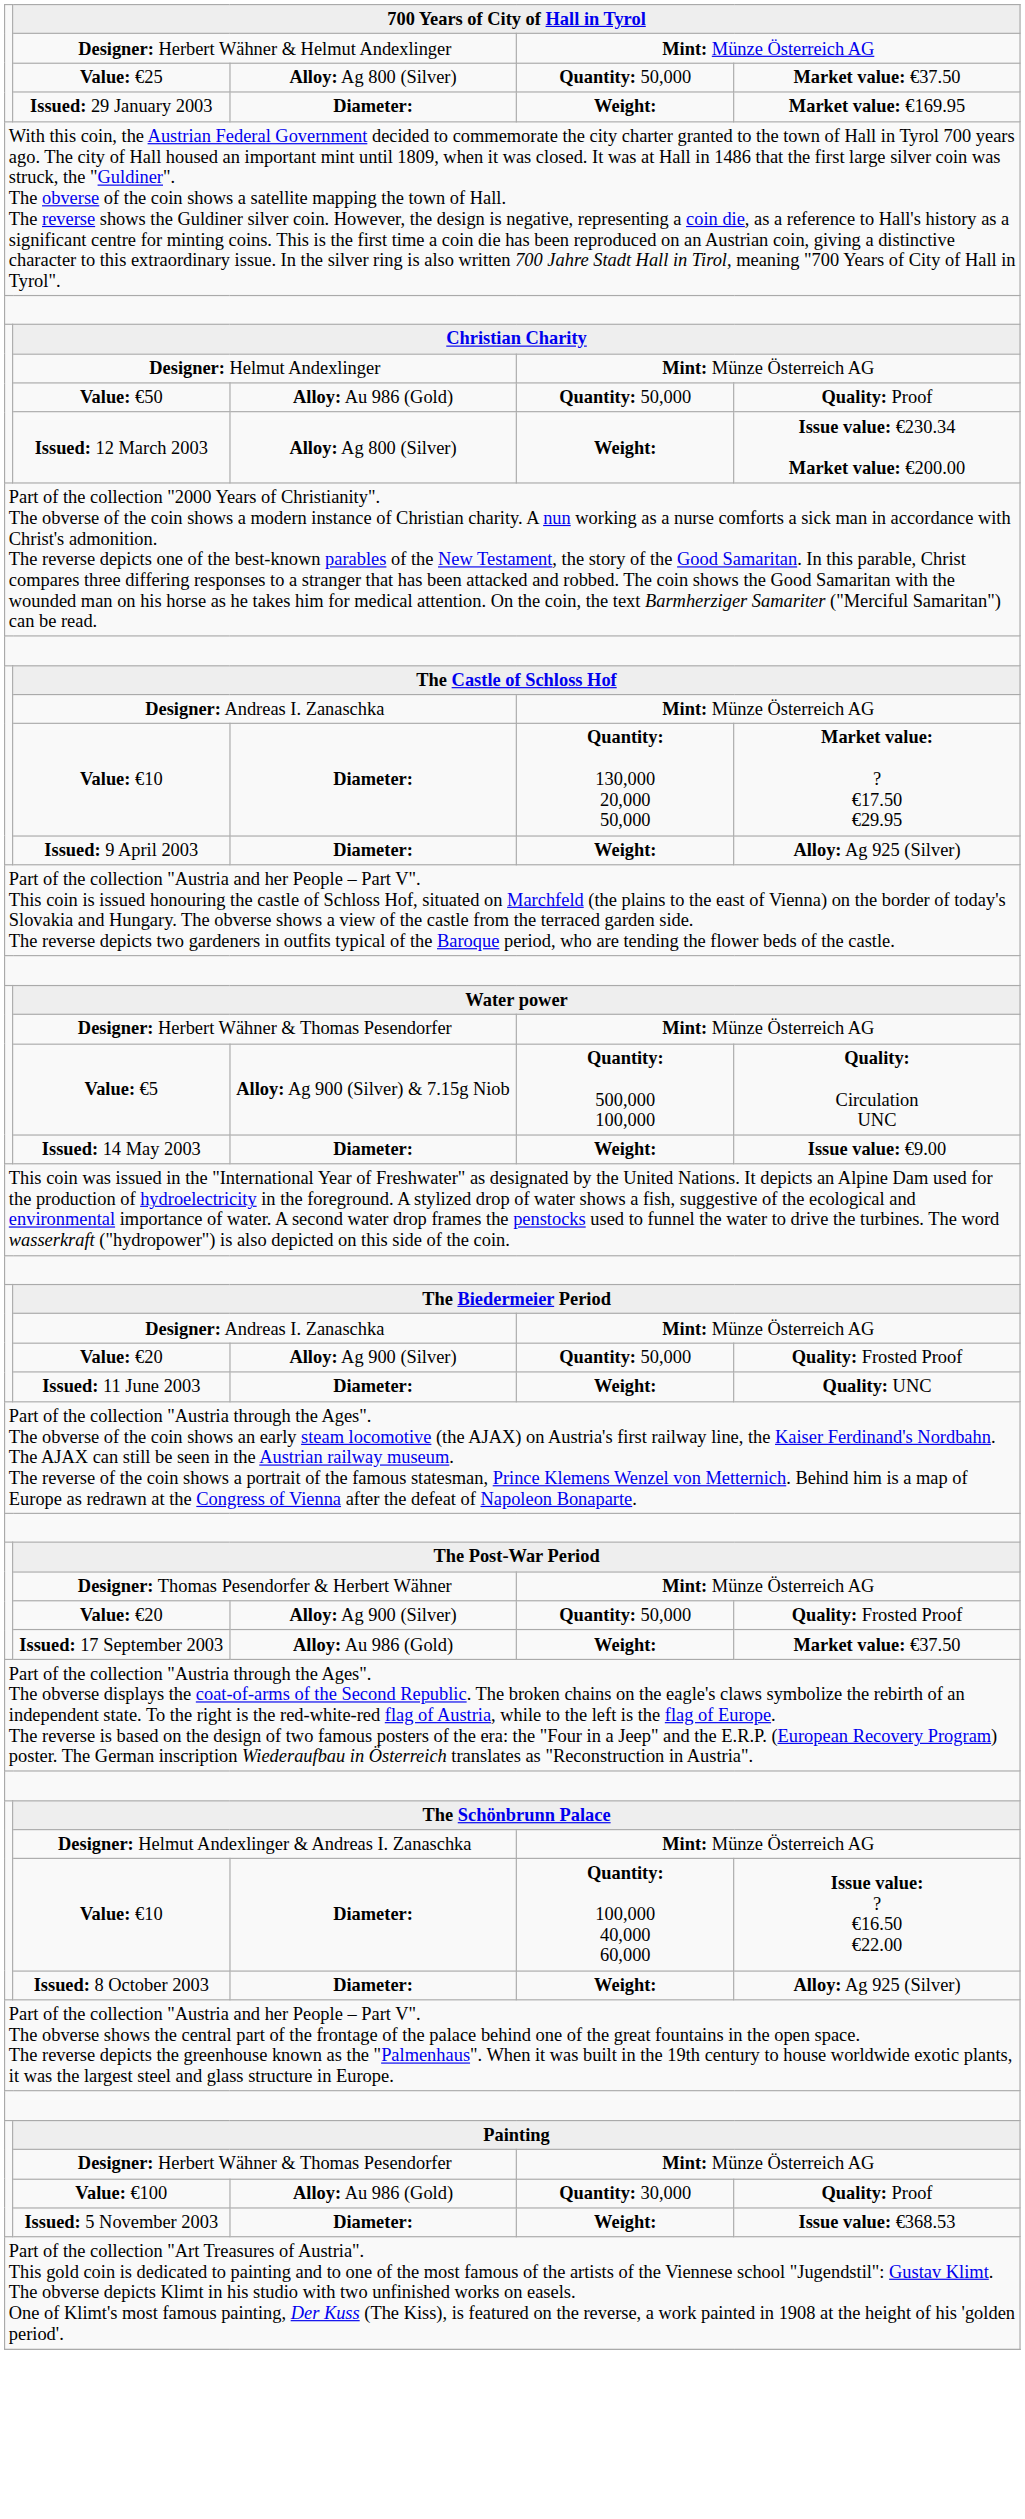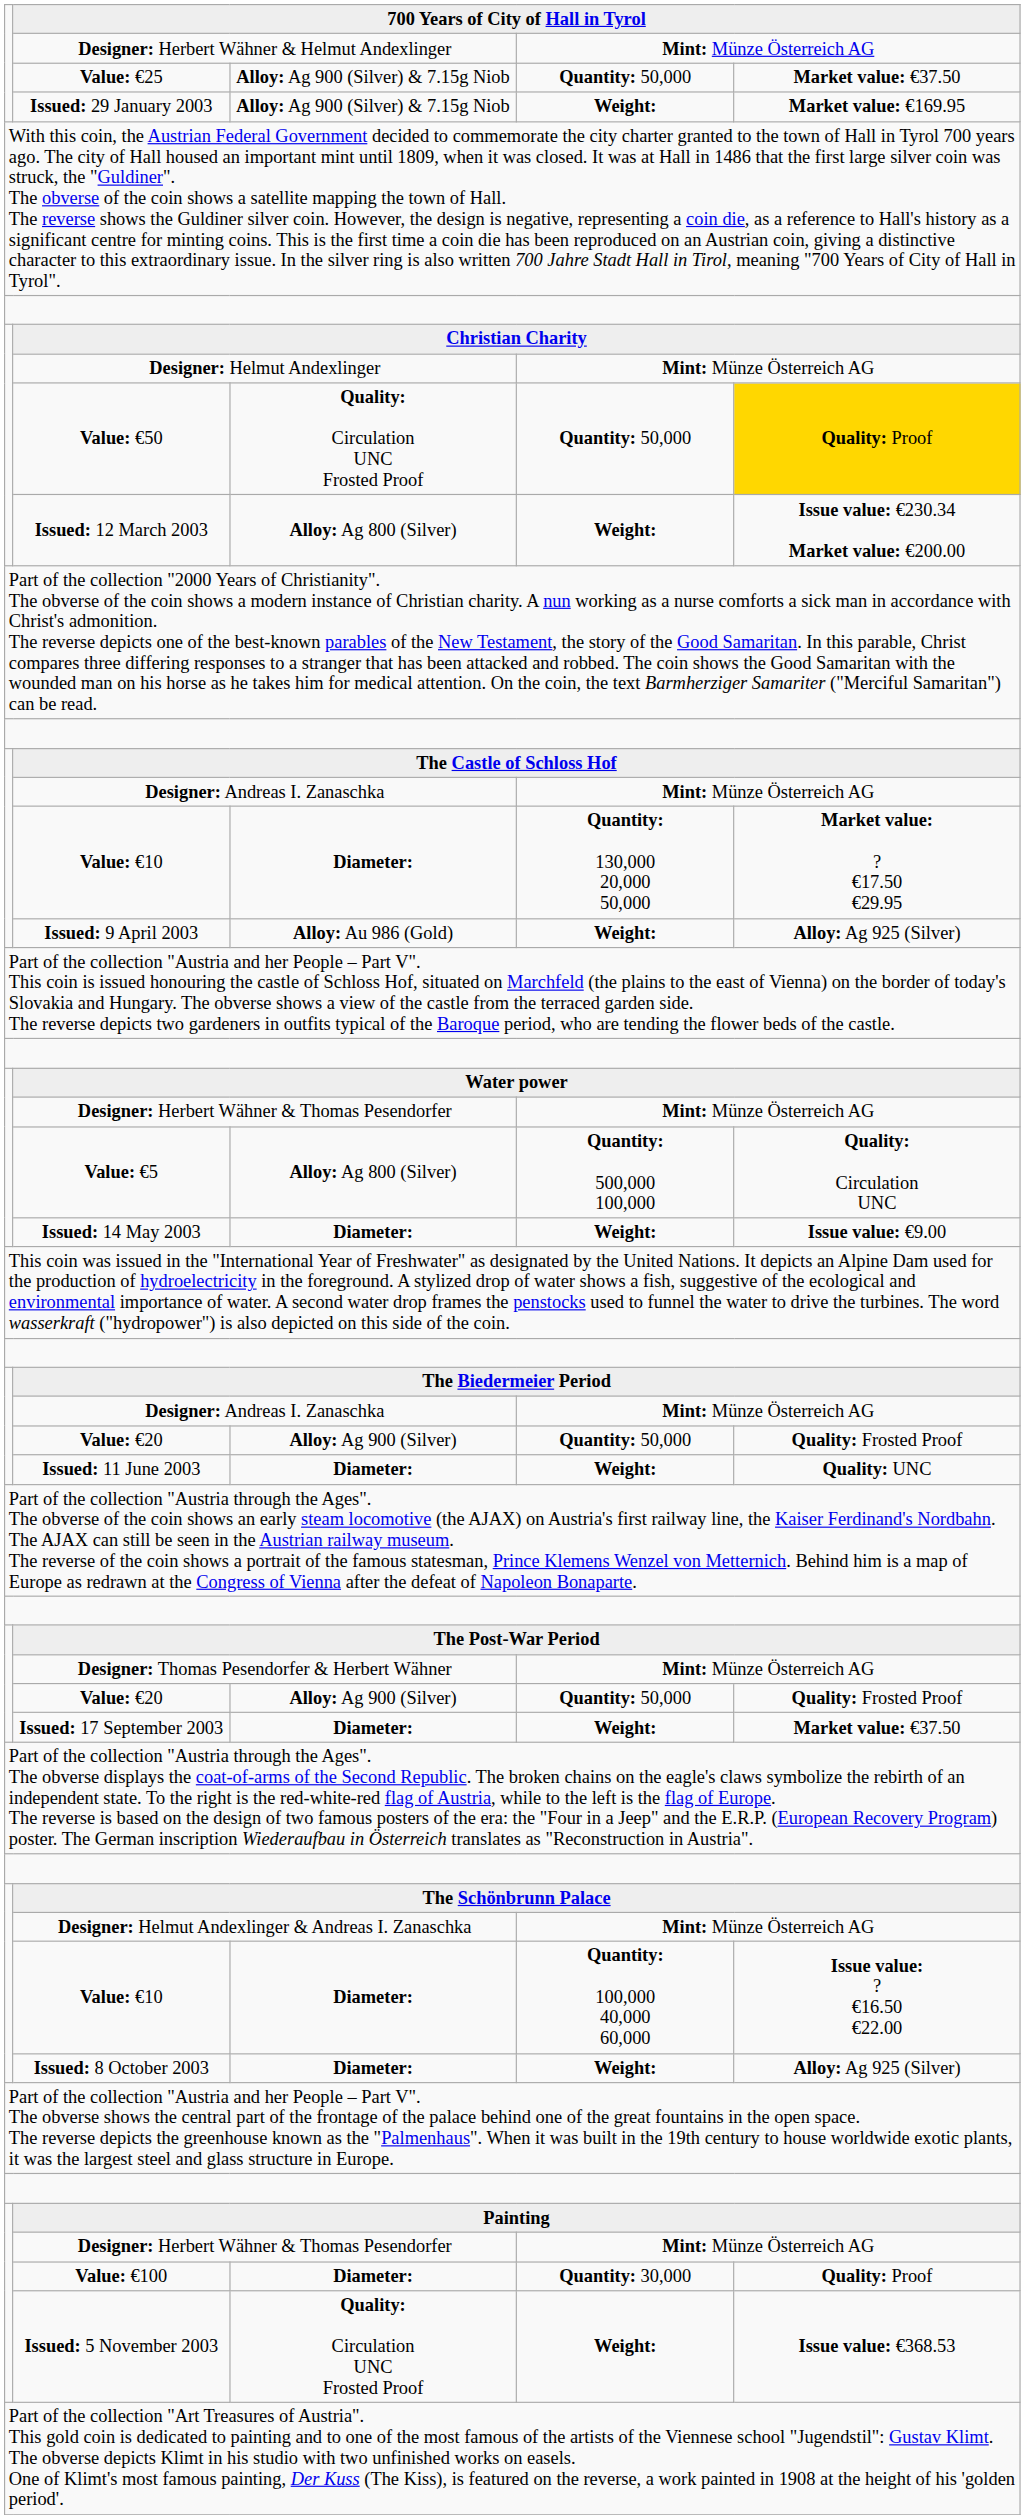 <table class="wikitable" width="100%">
 <tr>
 <td rowspan=4 width="330px" nowrap align=center></td>
 <th colspan="4" align=center style="background:#eeeeee;">700 Years of City of <a href='#'>Hall in Tyrol</a></th>
 </tr>
 <tr>
 <td colspan="2" width="50%" align=center><strong>Designer:</strong> Herbert Wähner & Helmut Andexlinger</td>
 <td colspan="2" width="50%" align=center><strong>Mint:</strong> <a href='#'>Münze Österreich AG</a></td>
 </tr>
 <tr>
 <td align=center><strong>Value:</strong> €25</td>
-<td align=center><strong>Alloy:</strong> Ag 800 (Silver)</td>
+<td align=center><strong>Alloy:</strong> Ag 900 (Silver) & 7.15g Niob</td>
 <td align=center><strong>Quantity:</strong> 50,000</td>
 <td align=center><strong>Market value:</strong> €37.50</td>
 </tr>
 <tr>
 <td align=center><strong>Issued:</strong> 29 January 2003</td>
-<td align=center><strong>Diameter:</strong> </td>
+<td align=center><strong>Alloy:</strong> Ag 900 (Silver) & 7.15g Niob</td>
 <td align=center><strong>Weight:</strong> </td>
 <td align=center><strong>Market value:</strong> €169.95</td>
 </tr>
 <tr>
 <td colspan="5" align=left>With this coin, the <a href='#'>Austrian Federal Government</a> decided to commemorate the city charter granted to the town of Hall in Tyrol 700 years ago. The city of Hall housed an important mint until 1809, when it was closed. It was at Hall in 1486 that the first large silver coin was struck, the "<a href='#'>Guldiner</a>".<br>The <a href='#'>obverse</a> of the coin shows a satellite mapping the town of Hall.<br>The <a href='#'>reverse</a> shows the Guldiner silver coin. However, the design is negative, representing a <a href='#'>coin die</a>, as a reference to Hall's history as a significant centre for minting coins. This is the first time a coin die has been reproduced on an Austrian coin, giving a distinctive character to this extraordinary issue. In the silver ring is also written <em>700 Jahre Stadt Hall in Tirol</em>, meaning "700 Years of City of Hall in Tyrol".</td>
 </tr>
 <tr>
 <td colspan="5"> </td>
 </tr>
 <tr>
 <td rowspan=4 width="330px" nowrap align=center></td>
 <th colspan="4" align=center style="background:#eeeeee;"><a href='#'>Christian Charity</a></th>
 </tr>
 <tr>
 <td colspan="2" width="50%" align=center><strong>Designer:</strong> Helmut Andexlinger</td>
 <td colspan="2" width="50%" align=center><strong>Mint:</strong> Münze Österreich AG</td>
 </tr>
 <tr>
 <td align=center><strong>Value:</strong> €50</td>
-<td align=center><strong>Alloy:</strong> Au 986 (Gold)</td>
+<td align=center><strong>Quality:</strong><br><br>Circulation<br> UNC<br> Frosted Proof</td>
 <td align=center><strong>Quantity:</strong> 50,000</td>
-<td align=center><strong>Quality:</strong> Proof</td>
+<td align=center style="background: gold;"><strong>Quality:</strong> Proof</td>
 </tr>
 <tr>
 <td align=center><strong>Issued:</strong> 12 March 2003</td>
 <td align=center><strong>Alloy:</strong> Ag 800 (Silver)</td>
 <td align=center><strong>Weight:</strong> </td>
 <td align=center><strong>Issue value:</strong> €230.34<br><br><strong>Market value:</strong> €200.00</td>
 </tr>
 <tr>
 <td colspan="5" align=left>Part of the collection "2000 Years of Christianity".<br>The obverse of the coin shows a modern instance of Christian charity. A <a href='#'>nun</a> working as a nurse comforts a sick man in accordance with Christ's admonition.<br>The reverse depicts one of the best-known <a href='#'>parables</a> of the <a href='#'>New Testament</a>, the story of the <a href='#'>Good Samaritan</a>. In this parable, Christ compares three differing responses to a stranger that has been attacked and robbed. The coin shows the Good Samaritan with the wounded man on his horse as he takes him for medical attention. On the coin, the text <em>Barmherziger Samariter</em> ("Merciful Samaritan") can be read.</td>
 </tr>
 <tr>
 <td colspan="5"> </td>
 </tr>
 <tr>
 <td rowspan=4 width="330px" nowrap align=center></td>
 <th colspan="4" align=center style="background:#eeeeee;">The <a href='#'>Castle of Schloss Hof</a></th>
 </tr>
 <tr>
 <td colspan="2" width="50%" align=center><strong>Designer:</strong> Andreas I. Zanaschka</td>
 <td colspan="2" width="50%" align=center><strong>Mint:</strong> Münze Österreich AG</td>
 </tr>
 <tr>
 <td align=center><strong>Value:</strong> €10</td>
 <td align=center><strong>Diameter:</strong> </td>
 <td align=center><strong>Quantity:</strong><br><br>130,000<br> 20,000<br> 50,000</td>
 <td align=center><strong>Market value:</strong><br><br>?<br> €17.50<br> €29.95</td>
 </tr>
 <tr>
 <td align=center><strong>Issued:</strong> 9 April 2003</td>
-<td align=center><strong>Diameter:</strong> </td>
+<td align=center><strong>Alloy:</strong> Au 986 (Gold)</td>
 <td align=center><strong>Weight:</strong> </td>
 <td align=center><strong>Alloy:</strong> Ag 925 (Silver)</td>
 </tr>
 <tr>
 <td colspan="5" align=left>Part of the collection "Austria and her People – Part V".<br>This coin is issued honouring the castle of Schloss Hof, situated on <a href='#'>Marchfeld</a> (the plains to the east of Vienna) on the border of today's Slovakia and Hungary. The obverse shows a view of the castle from the terraced garden side.<br>The reverse depicts two gardeners in outfits typical of the <a href='#'>Baroque</a> period, who are tending the flower beds of the castle.</td>
 </tr>
 <tr>
 <td colspan="5"> </td>
 </tr>
 <tr>
 <td rowspan=4 width="330px" nowrap align=center></td>
 <th colspan="4" align=center style="background:#eeeeee;">Water power</th>
 </tr>
 <tr>
 <td colspan="2" width="50%" align=center><strong>Designer:</strong> Herbert Wähner & Thomas Pesendorfer</td>
 <td colspan="2" width="50%" align=center><strong>Mint:</strong> Münze Österreich AG</td>
 </tr>
 <tr>
 <td align=center><strong>Value:</strong> €5</td>
-<td align=center><strong>Alloy:</strong> Ag 900 (Silver) & 7.15g Niob</td>
+<td align=center><strong>Alloy:</strong> Ag 800 (Silver)</td>
 <td align=center><strong>Quantity:</strong><br><br>500,000<br> 100,000</td>
 <td align=center><strong>Quality:</strong><br><br>Circulation<br> UNC</td>
 </tr>
 <tr>
 <td align=center><strong>Issued:</strong> 14 May 2003</td>
 <td align=center><strong>Diameter:</strong> </td>
 <td align=center><strong>Weight:</strong> </td>
 <td align=center><strong>Issue value:</strong> €9.00</td>
 </tr>
 <tr>
 <td colspan="5" align=left>This coin was issued in the "International Year of Freshwater" as designated by the United Nations. It depicts an Alpine Dam used for the production of <a href='#'>hydroelectricity</a> in the foreground. A stylized drop of water shows a fish, suggestive of the ecological and <a href='#'>environmental</a> importance of water. A second water drop frames the <a href='#'>penstocks</a> used to funnel the water to drive the turbines. The word <em>wasserkraft</em> ("hydropower") is also depicted on this side of the coin.</td>
 </tr>
 <tr>
 <td colspan="5"> </td>
 </tr>
 <tr>
 <td rowspan=4 width="330px" nowrap align=center></td>
 <th colspan="4" align=center style="background:#eeeeee;">The <a href='#'>Biedermeier</a> Period</th>
 </tr>
 <tr>
 <td colspan="2" width="50%" align=center><strong>Designer:</strong> Andreas I. Zanaschka</td>
 <td colspan="2" width="50%" align=center><strong>Mint:</strong> Münze Österreich AG</td>
 </tr>
 <tr>
 <td align=center><strong>Value:</strong> €20</td>
 <td align=center><strong>Alloy:</strong> Ag 900 (Silver)</td>
 <td align=center><strong>Quantity:</strong> 50,000</td>
 <td align=center><strong>Quality:</strong> Frosted Proof</td>
 </tr>
 <tr>
 <td align=center><strong>Issued:</strong> 11 June 2003</td>
 <td align=center><strong>Diameter:</strong> </td>
 <td align=center><strong>Weight:</strong> </td>
 <td align=center><strong>Quality:</strong> UNC</td>
 </tr>
 <tr>
 <td colspan="5" align=left>Part of the collection "Austria through the Ages".<br>The obverse of the coin shows an early <a href='#'>steam locomotive</a> (the AJAX) on Austria's first railway line, the <a href='#'>Kaiser Ferdinand's Nordbahn</a>. The AJAX can still be seen in the <a href='#'>Austrian railway museum</a>.<br>The reverse of the coin shows a portrait of the famous statesman, <a href='#'>Prince Klemens Wenzel von Metternich</a>. Behind him is a map of Europe as redrawn at the <a href='#'>Congress of Vienna</a> after the defeat of <a href='#'>Napoleon Bonaparte</a>.</td>
 </tr>
 <tr>
 <td colspan="5"> </td>
 </tr>
 <tr>
 <td rowspan=4 width="330px" nowrap align=center></td>
 <th colspan="4" align=center style="background:#eeeeee;">The Post-War Period</th>
 </tr>
 <tr>
 <td colspan="2" width="50%" align=center><strong>Designer:</strong> Thomas Pesendorfer & Herbert Wähner</td>
 <td colspan="2" width="50%" align=center><strong>Mint:</strong> Münze Österreich AG</td>
 </tr>
 <tr>
 <td align=center><strong>Value:</strong> €20</td>
 <td align=center><strong>Alloy:</strong> Ag 900 (Silver)</td>
 <td align=center><strong>Quantity:</strong> 50,000</td>
 <td align=center><strong>Quality:</strong> Frosted Proof</td>
 </tr>
 <tr>
 <td align=center><strong>Issued:</strong> 17 September 2003</td>
-<td align=center><strong>Alloy:</strong> Au 986 (Gold)</td>
+<td align=center><strong>Diameter:</strong> </td>
 <td align=center><strong>Weight:</strong> </td>
 <td align=center><strong>Market value:</strong> €37.50</td>
 </tr>
 <tr>
 <td colspan="5" align=left>Part of the collection "Austria through the Ages".<br>The obverse displays the <a href='#'>coat-of-arms of the Second Republic</a>. The broken chains on the eagle's claws symbolize the rebirth of an independent state. To the right is the red-white-red <a href='#'>flag of Austria</a>, while to the left is the <a href='#'>flag of Europe</a>.<br>The reverse is based on the design of two famous posters of the era: the "Four in a Jeep" and the E.R.P. (<a href='#'>European Recovery Program</a>) poster. The German inscription <em>Wiederaufbau in Österreich</em> translates as "Reconstruction in Austria".</td>
 </tr>
 <tr>
 <td colspan="5"> </td>
 </tr>
 <tr>
 <td rowspan=4 width="330px" nowrap align=center></td>
 <th colspan="4" align=center style="background:#eeeeee;">The <a href='#'>Schönbrunn Palace</a></th>
 </tr>
 <tr>
 <td colspan="2" width="50%" align=center><strong>Designer:</strong> Helmut Andexlinger & Andreas I. Zanaschka</td>
 <td colspan="2" width="50%" align=center><strong>Mint:</strong> Münze Österreich AG</td>
 </tr>
 <tr>
 <td align=center><strong>Value:</strong> €10</td>
 <td align=center><strong>Diameter:</strong> </td>
 <td align=center><strong>Quantity:</strong><br><br>100,000<br> 40,000<br> 60,000</td>
 <td align=center><strong>Issue value:</strong><br>?<br>  €16.50<br>  €22.00</td>
 </tr>
 <tr>
 <td align=center><strong>Issued:</strong> 8 October 2003</td>
 <td align=center><strong>Diameter:</strong> </td>
 <td align=center><strong>Weight:</strong> </td>
 <td align=center><strong>Alloy:</strong> Ag 925 (Silver)</td>
 </tr>
 <tr>
 <td colspan="5" align=left>Part of the collection "Austria and her People – Part V".<br>The obverse shows the central part of the frontage of the palace behind one of the great fountains in the open space.<br>The reverse depicts the greenhouse known as the "<a href='#'>Palmenhaus</a>". When it was built in the 19th century to house worldwide exotic plants, it was the largest steel and glass structure in Europe.</td>
 </tr>
 <tr>
 <td colspan="5"> </td>
 </tr>
 <tr>
 <td rowspan=4 width="330px" nowrap align=center></td>
 <th colspan="4" align=center style="background:#eeeeee;">Painting</th>
 </tr>
 <tr>
 <td colspan="2" width="50%" align=center><strong>Designer:</strong> Herbert Wähner & Thomas Pesendorfer</td>
 <td colspan="2" width="50%" align=center><strong>Mint:</strong> Münze Österreich AG</td>
 </tr>
 <tr>
 <td align=center><strong>Value:</strong> €100</td>
-<td align=center><strong>Alloy:</strong> Au 986 (Gold)</td>
+<td align=center><strong>Diameter:</strong> </td>
 <td align=center><strong>Quantity:</strong> 30,000</td>
 <td align=center><strong>Quality:</strong> Proof</td>
 </tr>
 <tr>
 <td align=center><strong>Issued:</strong> 5 November 2003</td>
-<td align=center><strong>Diameter:</strong> </td>
+<td align=center><strong>Quality:</strong><br><br>Circulation<br> UNC<br> Frosted Proof</td>
 <td align=center><strong>Weight:</strong> </td>
 <td align=center><strong>Issue value:</strong> €368.53</td>
 </tr>
 <tr>
 <td colspan="5" align=left>Part of the collection "Art Treasures of Austria".<br>This gold coin is dedicated to painting and to one of the most famous of the artists of the Viennese school "Jugendstil": <a href='#'>Gustav Klimt</a>. The obverse depicts Klimt in his studio with two unfinished works on easels.<br>One of Klimt's most famous painting, <em><a href='#'>Der Kuss</a></em> (The Kiss), is featured on the reverse, a work painted in 1908 at the height of his 'golden period'.</td>
 </tr>
 <tr>
 </tr>
 </table>
